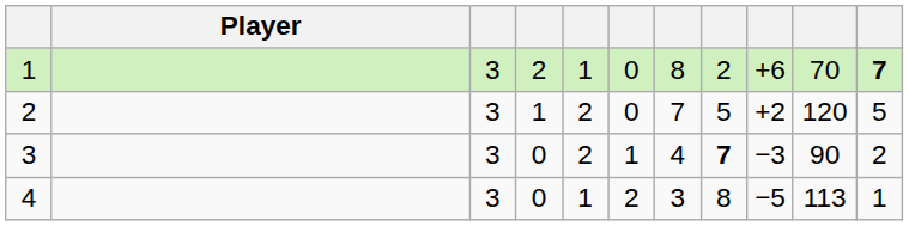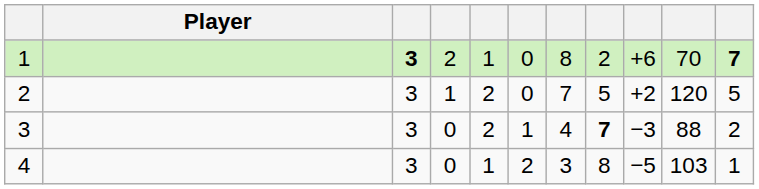 <table class="wikitable" style="text-align:center; margin: 1em auto 1em auto, align:left">
 <tr>
 <th width=20></th>
 <th width=240>Player</th>
 <th width=20></th>
 <th width=20></th>
 <th width=20></th>
 <th width=20></th>
 <th width=20></th>
 <th width=20></th>
 <th width=20></th>
 <th width=30></th>
 <th width=20></th>
 </tr>
 <tr style="background:#D0F0C0;">
 <td>1</td>
 <td align=left></td>
-<td>3</td>
+<td><strong>3</strong></td>
 <td>2</td>
 <td>1</td>
 <td>0</td>
 <td>8</td>
 <td>2</td>
 <td>+6</td>
 <td>70</td>
 <td><strong>7</strong></td>
 </tr>
 <tr style=>
 <td>2</td>
 <td align=left></td>
 <td>3</td>
 <td>1</td>
 <td>2</td>
 <td>0</td>
 <td>7</td>
 <td>5</td>
 <td>+2</td>
 <td>120</td>
 <td>5</td>
 </tr>
 <tr style=>
 <td>3</td>
 <td align=left></td>
 <td>3</td>
 <td>0</td>
 <td>2</td>
 <td>1</td>
 <td>4</td>
 <td><strong>7</strong></td>
 <td>−3</td>
-<td>90</td>
+<td>88</td>
 <td>2</td>
 </tr>
 <tr style=>
 <td>4</td>
 <td align=left></td>
 <td>3</td>
 <td>0</td>
 <td>1</td>
 <td>2</td>
 <td>3</td>
 <td>8</td>
 <td>−5</td>
-<td>113</td>
+<td>103</td>
 <td>1</td>
 </tr>
 </table>
